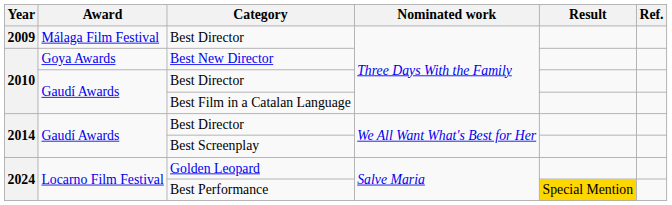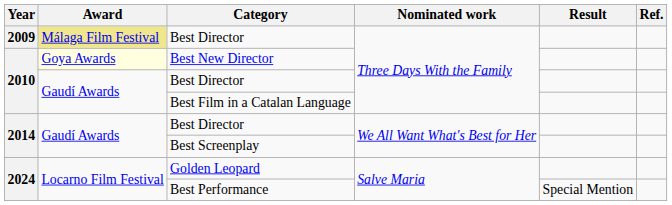 <table class="wikitable sortable plainrowheaders">
 <tr>
 <th scope="col">Year</th>
 <th scope="col">Award</th>
 <th scope="col">Category</th>
 <th scope="col">Nominated work</th>
 <th scope="col">Result</th>
 <th scope="col" class="unsortable">Ref.</th>
 </tr>
 <tr>
 <th scope="row">2009</th>
-<td><a href='#'>Málaga Film Festival</a></td>
+<td style="background: khaki;"><a href='#'>Málaga Film Festival</a></td>
 <td>Best Director</td>
 <td rowspan="4"><em><a href='#'>Three Days With the Family</a></em></td>
 <td></td>
 <td align="center"></td>
 </tr>
 <tr>
 <th scope="row" rowspan="3">2010</th>
-<td><a href='#'>Goya Awards</a></td>
+<td style="background: lightyellow;"><a href='#'>Goya Awards</a></td>
 <td><a href='#'>Best New Director</a></td>
 <td></td>
 <td align="center"></td>
 </tr>
 <tr>
 <td rowspan="2"><a href='#'>Gaudí Awards</a></td>
 <td>Best Director</td>
 <td></td>
 <td align="center"></td>
 </tr>
 <tr>
 <td>Best Film in a Catalan Language</td>
 <td></td>
 <td></td>
 </tr>
 <tr>
 <th scope="row" rowspan="2">2014</th>
 <td rowspan="2"><a href='#'>Gaudí Awards</a></td>
 <td>Best Director</td>
 <td rowspan="2"><em><a href='#'>We All Want What's Best for Her</a></em></td>
 <td></td>
 <td align="center"></td>
 </tr>
 <tr>
 <td>Best Screenplay</td>
 <td></td>
 <td align="center"></td>
 </tr>
 <tr>
 <th scope="row" rowspan="2">2024</th>
 <td rowspan="2"><a href='#'>Locarno Film Festival</a></td>
 <td><a href='#'>Golden Leopard</a></td>
 <td rowspan="2"><em><a href='#'>Salve Maria</a></em></td>
 <td></td>
 <td align="center"></td>
 </tr>
 <tr>
 <td>Best Performance</td>
-<td style="background: gold;">Special Mention</td>
+<td>Special Mention</td>
 <td align="center"></td>
 </tr>
 </table>
